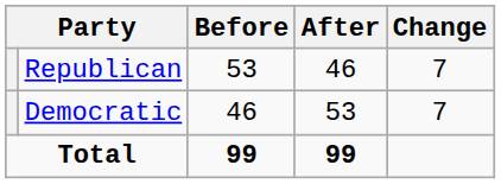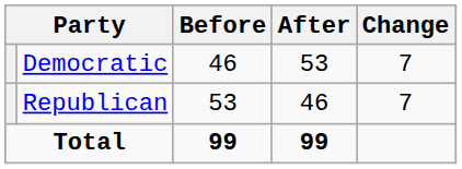 <table class="wikitable" style="text-align:center;">
 <tr>
 <th colspan="2">Party</th>
 <th>Before</th>
 <th>After</th>
 <th>Change</th>
 </tr>
 <tr>
 <th style="background-color:"></th>
-<td style="text-align:left;"><a href='#'>Republican</a></td>
+<td style="text-align:left;"><a href='#'>Democratic</a></td>
+<td>46</td>
 <td>53</td>
-<td>46</td>
 <td> 7</td>
 </tr>
 <tr>
 <th style="background-color:"></th>
-<td style="text-align:left;"><a href='#'>Democratic</a></td>
+<td style="text-align:left;"><a href='#'>Republican</a></td>
+<td>53</td>
 <td>46</td>
-<td>53</td>
 <td> 7</td>
 </tr>
 <tr>
 <td colspan="2"><strong>Total</strong></td>
 <td><strong>99</strong></td>
 <td><strong>99</strong></td>
 <td></td>
 </tr>
 </table>
